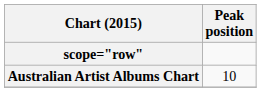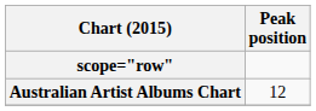 <table class="wikitable sortable plainrowheaders" style="text-align:center;">
 <tr>
 <th scope="col">Chart (2015)</th>
 <th scope="col">Peak<br>position</th>
 </tr>
 <tr>
 <th>scope="row"</th>
 </tr>
 <tr>
 <th scope="row">Australian Artist Albums Chart</th>
-<td>10</td>
+<td>12</td>
 </tr>
 <tr>
 </tr>
 </table>
